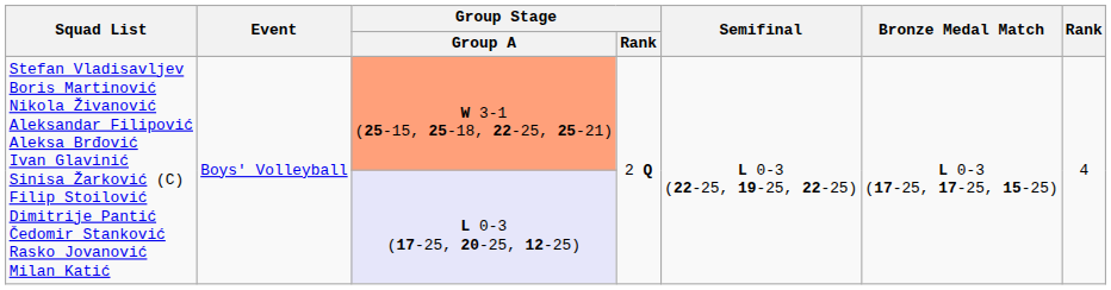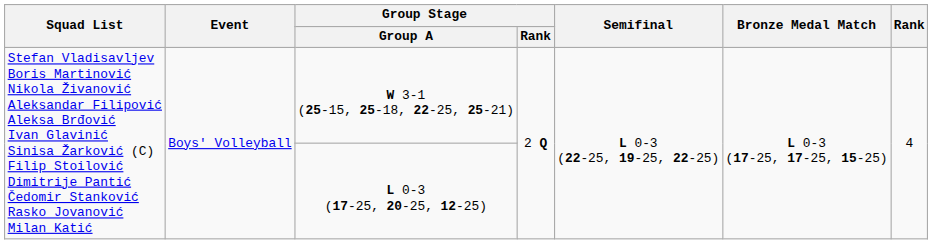 <table class=wikitable style="font-size:90%">
 <tr>
 <th rowspan=2>Squad List</th>
 <th rowspan=2>Event</th>
 <th colspan=2>Group Stage</th>
 <th rowspan=2>Semifinal</th>
 <th rowspan=2>Bronze Medal Match</th>
 <th rowspan=2>Rank</th>
 </tr>
 <tr>
 <th>Group A</th>
 <th>Rank</th>
 </tr>
 <tr>
 <td rowspan=2><a href='#'>Stefan Vladisavljev</a><br><a href='#'>Boris Martinović</a><br><a href='#'>Nikola Živanović</a><br><a href='#'>Aleksandar Filipović</a><br><a href='#'>Aleksa Brđović</a><br><a href='#'>Ivan Glavinić</a><br><a href='#'>Sinisa Žarković</a> (C)<br><a href='#'>Filip Stoilović</a><br><a href='#'>Dimitrije Pantić</a><br><a href='#'>Čedomir Stanković</a><br><a href='#'>Rasko Jovanović</a><br><a href='#'>Milan Katić</a></td>
 <td rowspan=2><a href='#'>Boys' Volleyball</a></td>
-<td align=center style="background: lightsalmon;"><br> <strong>W</strong> 3-1<br> (<strong>25</strong>-15, <strong>25</strong>-18, <strong>22</strong>-25, <strong>25</strong>-21)</td>
+<td align=center><br> <strong>W</strong> 3-1<br> (<strong>25</strong>-15, <strong>25</strong>-18, <strong>22</strong>-25, <strong>25</strong>-21)</td>
 <td rowspan=2 align=center>2 <strong>Q</strong></td>
 <td rowspan=2 align=center><br> <strong>L</strong> 0-3<br> (<strong>22</strong>-25, <strong>19</strong>-25, <strong>22</strong>-25)</td>
 <td rowspan=2 align=center><br> <strong>L</strong> 0-3<br> (<strong>17</strong>-25, <strong>17</strong>-25, <strong>15</strong>-25)</td>
 <td rowspan=2 align=center>4</td>
 </tr>
 <tr>
-<td align=center style="background: lavender;"><br> <strong>L</strong> 0-3<br> (<strong>17</strong>-25, <strong>20</strong>-25, <strong>12</strong>-25)</td>
+<td align=center><br> <strong>L</strong> 0-3<br> (<strong>17</strong>-25, <strong>20</strong>-25, <strong>12</strong>-25)</td>
 </tr>
 </table>
